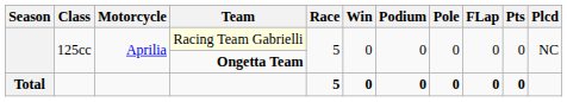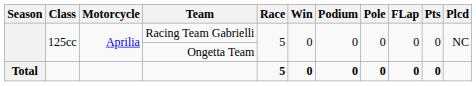 <table class="wikitable" style="text-align:right">
 <tr>
 <th>Season</th>
 <th>Class</th>
 <th>Motorcycle</th>
 <th>Team</th>
 <th>Race</th>
 <th>Win</th>
 <th>Podium</th>
 <th>Pole</th>
 <th>FLap</th>
 <th>Pts</th>
 <th>Plcd</th>
 </tr>
 <tr>
 <th rowspan=2></th>
 <td rowspan=2>125cc</td>
 <td rowspan=2><a href='#'>Aprilia</a></td>
-<td style="background: lightyellow;">Racing Team Gabrielli</td>
+<td>Racing Team Gabrielli</td>
 <td rowspan=2>5</td>
 <td rowspan=2>0</td>
 <td rowspan=2>0</td>
 <td rowspan=2>0</td>
 <td rowspan=2>0</td>
 <td rowspan=2>0</td>
 <td rowspan=2>NC</td>
 </tr>
 <tr>
-<td><strong>Ongetta Team</strong></td>
+<td>Ongetta Team</td>
 </tr>
 <tr>
 <th>Total</th>
 <td></td>
 <td></td>
 <td></td>
 <td><strong>5</strong></td>
 <td><strong>0</strong></td>
 <td><strong>0</strong></td>
 <td><strong>0</strong></td>
 <td><strong>0</strong></td>
 <td><strong>0</strong></td>
 <td></td>
 </tr>
 </table>
